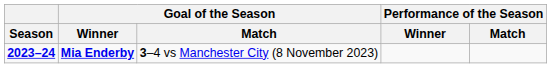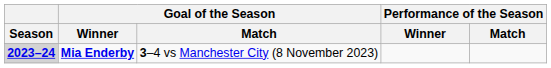 <table class="wikitable">
 <tr>
 <th></th>
 <th colspan="2">Goal of the Season</th>
 <th colspan="2">Performance of the Season</th>
 </tr>
 <tr>
 <th>Season</th>
 <th>Winner</th>
 <th>Match</th>
 <th>Winner</th>
 <th>Match</th>
 </tr>
 <tr>
-<td><strong><a href='#'>2023–24</a></strong></td>
+<td style="background: lightgrey;"><strong><a href='#'>2023–24</a></strong></td>
 <td><strong> <a href='#'>Mia Enderby</a></strong></td>
 <td><strong>3</strong>–4 vs <a href='#'>Manchester City</a> (8 November 2023) </td>
 <td></td>
 <td></td>
 </tr>
 </table>
